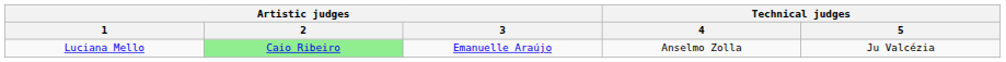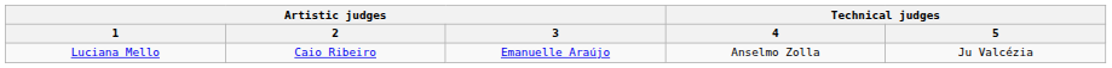 <table class="wikitable" style="font-size:100%; line-height:16px; text-align:center" width="100%">
 <tr>
 <th colspan=3>Artistic judges</th>
 <th colspan=2>Technical judges</th>
 </tr>
 <tr>
 <th width="20.0%">1</th>
 <th width="20.0%">2</th>
 <th width="20.0%">3</th>
 <th width="20.0%">4</th>
 <th width="20.0%">5</th>
 </tr>
 <tr>
 <td><a href='#'>Luciana Mello</a></td>
-<td style="background: lightgreen;"><a href='#'>Caio Ribeiro</a></td>
+<td><a href='#'>Caio Ribeiro</a></td>
 <td><a href='#'>Emanuelle Araújo</a></td>
 <td>Anselmo Zolla</td>
 <td>Ju Valcézia</td>
 </tr>
 </table>
